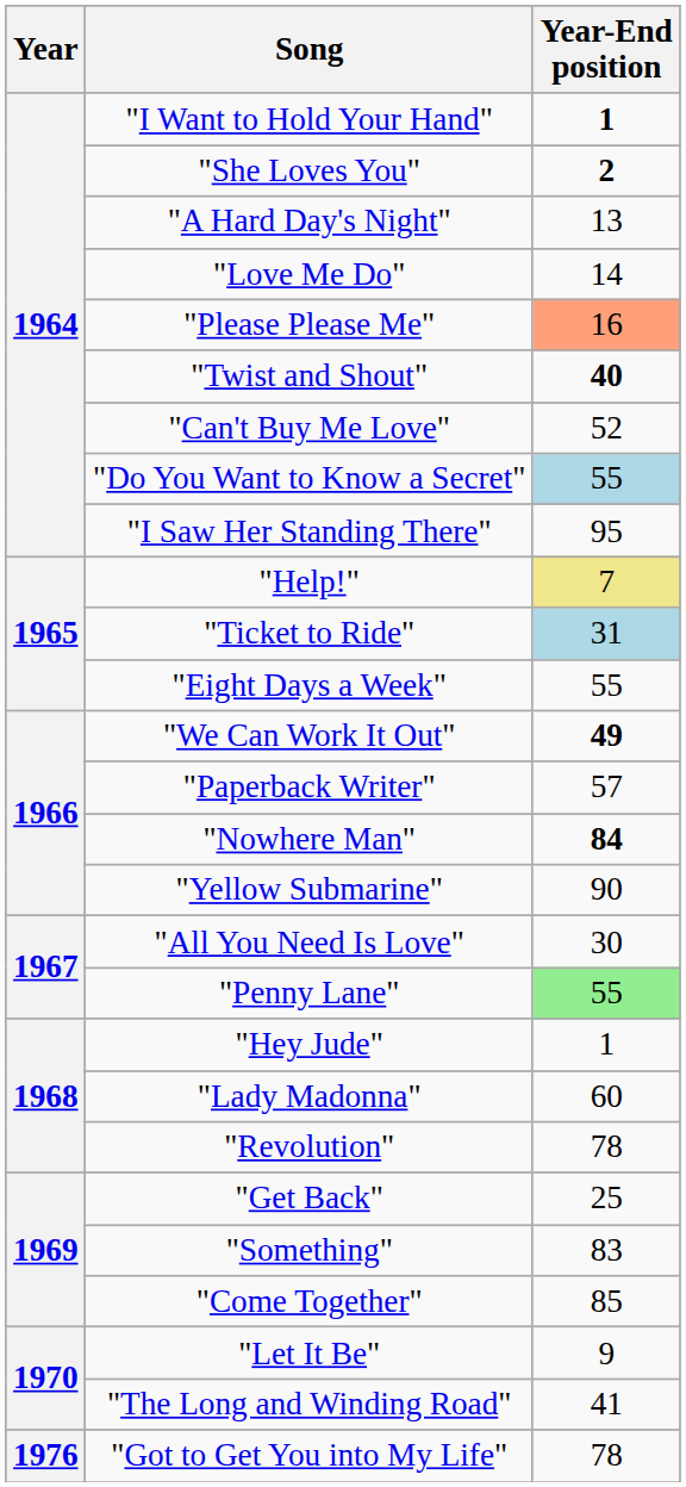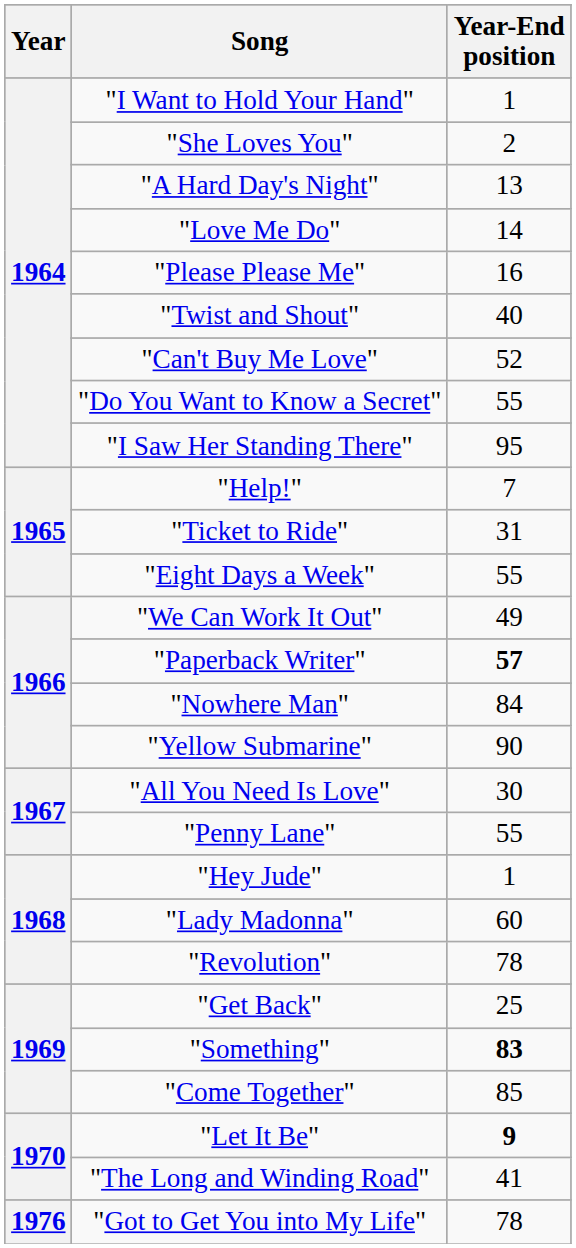 <table class="wikitable plainrowheaders" style="text-align:center;" border="1">
 <tr>
 <th>Year</th>
 <th>Song</th>
 <th>Year-End<br>position</th>
 </tr>
 <tr>
 <th scope="row" rowspan="9"><a href='#'>1964</a></th>
 <td>"<a href='#'>I Want to Hold Your Hand</a>"</td>
-<td><strong>1</strong></td>
+<td>1</td>
 </tr>
 <tr>
 <td>"<a href='#'>She Loves You</a>"</td>
-<td><strong>2</strong></td>
+<td>2</td>
 </tr>
 <tr>
 <td>"<a href='#'>A Hard Day's Night</a>"</td>
 <td>13</td>
 </tr>
 <tr>
 <td>"<a href='#'>Love Me Do</a>"</td>
 <td>14</td>
 </tr>
 <tr>
 <td>"<a href='#'>Please Please Me</a>"</td>
-<td style="background: lightsalmon;">16</td>
+<td>16</td>
 </tr>
 <tr>
 <td>"<a href='#'>Twist and Shout</a>"</td>
-<td><strong>40</strong></td>
+<td>40</td>
 </tr>
 <tr>
 <td>"<a href='#'>Can't Buy Me Love</a>"</td>
 <td>52</td>
 </tr>
 <tr>
 <td>"<a href='#'>Do You Want to Know a Secret</a>"</td>
-<td style="background: lightblue;">55</td>
+<td>55</td>
 </tr>
 <tr>
 <td>"<a href='#'>I Saw Her Standing There</a>"</td>
 <td>95</td>
 </tr>
 <tr>
 <th scope="row" rowspan="3"><a href='#'>1965</a></th>
 <td>"<a href='#'>Help!</a>"</td>
-<td style="background: khaki;">7</td>
+<td>7</td>
 </tr>
 <tr>
 <td>"<a href='#'>Ticket to Ride</a>"</td>
-<td style="background: lightblue;">31</td>
+<td>31</td>
 </tr>
 <tr>
 <td>"<a href='#'>Eight Days a Week</a>"</td>
 <td>55</td>
 </tr>
 <tr>
 <th scope="row" rowspan="4"><a href='#'>1966</a></th>
 <td>"<a href='#'>We Can Work It Out</a>"</td>
-<td><strong>49</strong></td>
+<td>49</td>
 </tr>
 <tr>
 <td>"<a href='#'>Paperback Writer</a>"</td>
-<td>57</td>
+<td><strong>57</strong></td>
 </tr>
 <tr>
 <td>"<a href='#'>Nowhere Man</a>"</td>
-<td><strong>84</strong></td>
+<td>84</td>
 </tr>
 <tr>
 <td>"<a href='#'>Yellow Submarine</a>"</td>
 <td>90</td>
 </tr>
 <tr>
 <th scope="row" rowspan="2"><a href='#'>1967</a></th>
 <td>"<a href='#'>All You Need Is Love</a>"</td>
 <td>30</td>
 </tr>
 <tr>
 <td>"<a href='#'>Penny Lane</a>"</td>
-<td style="background: lightgreen;">55</td>
+<td>55</td>
 </tr>
 <tr>
 <th scope="row" rowspan="3"><a href='#'>1968</a></th>
 <td>"<a href='#'>Hey Jude</a>"</td>
 <td>1</td>
 </tr>
 <tr>
 <td>"<a href='#'>Lady Madonna</a>"</td>
 <td>60</td>
 </tr>
 <tr>
 <td>"<a href='#'>Revolution</a>"</td>
 <td>78</td>
 </tr>
 <tr>
 <th scope="row" rowspan="3"><a href='#'>1969</a></th>
 <td>"<a href='#'>Get Back</a>"</td>
 <td>25</td>
 </tr>
 <tr>
 <td>"<a href='#'>Something</a>"</td>
-<td>83</td>
+<td><strong>83</strong></td>
 </tr>
 <tr>
 <td>"<a href='#'>Come Together</a>"</td>
 <td>85</td>
 </tr>
 <tr>
 <th scope="row" rowspan="2"><a href='#'>1970</a></th>
 <td>"<a href='#'>Let It Be</a>"</td>
-<td>9</td>
+<td><strong>9</strong></td>
 </tr>
 <tr>
 <td>"<a href='#'>The Long and Winding Road</a>"</td>
 <td>41</td>
 </tr>
 <tr>
 <th scope="row"><a href='#'>1976</a></th>
 <td>"<a href='#'>Got to Get You into My Life</a>"</td>
 <td>78</td>
 </tr>
 </table>
